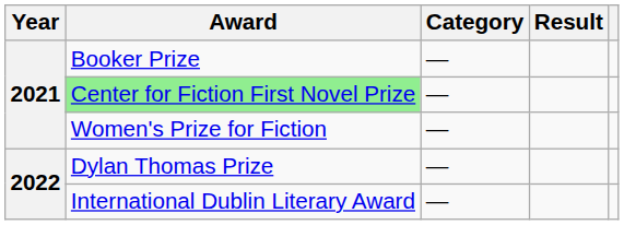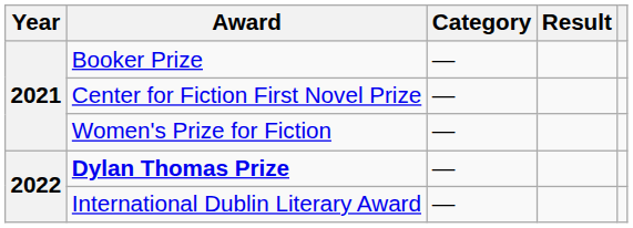 <table class="wikitable plainrowheaders sortable">
 <tr>
 <th scope="col">Year</th>
 <th scope="col">Award</th>
 <th>Category</th>
 <th scope="col">Result</th>
 <th scope="col" class="unsortable"></th>
 </tr>
 <tr>
 <th rowspan="3">2021</th>
 <td><a href='#'>Booker Prize</a></td>
 <td>—</td>
 <td></td>
 <td></td>
 </tr>
 <tr>
-<td style="background: lightgreen;"><a href='#'>Center for Fiction First Novel Prize</a></td>
+<td><a href='#'>Center for Fiction First Novel Prize</a></td>
 <td>—</td>
 <td></td>
 <td></td>
 </tr>
 <tr>
 <td><a href='#'>Women's Prize for Fiction</a></td>
 <td>—</td>
 <td></td>
 <td></td>
 </tr>
 <tr>
 <th rowspan="2">2022</th>
-<td><a href='#'>Dylan Thomas Prize</a></td>
+<td><strong><a href='#'>Dylan Thomas Prize</a></strong></td>
 <td>—</td>
 <td></td>
 <td></td>
 </tr>
 <tr>
 <td><a href='#'>International Dublin Literary Award</a></td>
 <td>—</td>
 <td></td>
 <td></td>
 </tr>
 </table>
